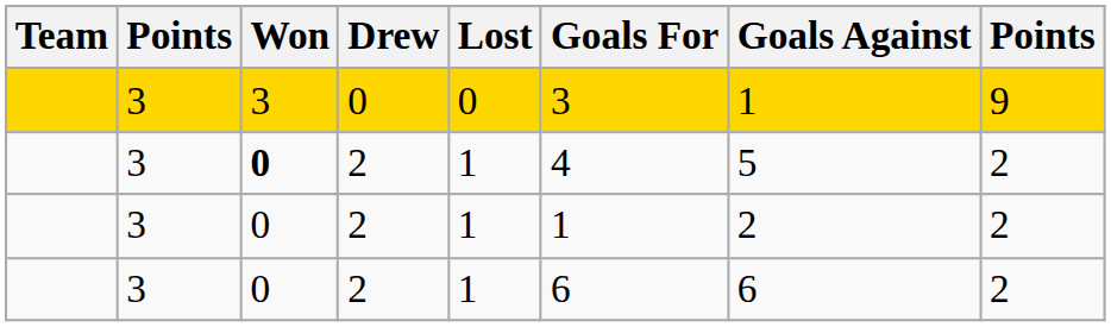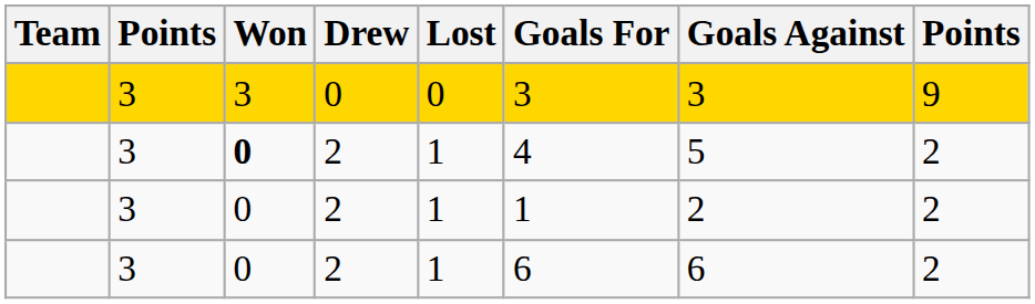 <table class="wikitable sortable">
 <tr>
 <th>Team</th>
 <th>Points</th>
 <th>Won</th>
 <th>Drew</th>
 <th>Lost</th>
 <th>Goals For</th>
 <th>Goals Against</th>
 <th>Points</th>
 </tr>
 <tr style="background: gold;">
 <td></td>
 <td>3</td>
 <td>3</td>
 <td>0</td>
 <td>0</td>
 <td>3</td>
-<td>1</td>
+<td>3</td>
 <td>9</td>
 </tr>
 <tr>
 <td></td>
 <td>3</td>
 <td><strong>0</strong></td>
 <td>2</td>
 <td>1</td>
 <td>4</td>
 <td>5</td>
 <td>2</td>
 </tr>
 <tr>
 <td></td>
 <td>3</td>
 <td>0</td>
 <td>2</td>
 <td>1</td>
 <td>1</td>
 <td>2</td>
 <td>2</td>
 </tr>
 <tr>
 <td></td>
 <td>3</td>
 <td>0</td>
 <td>2</td>
 <td>1</td>
 <td>6</td>
 <td>6</td>
 <td>2</td>
 </tr>
 </table>
